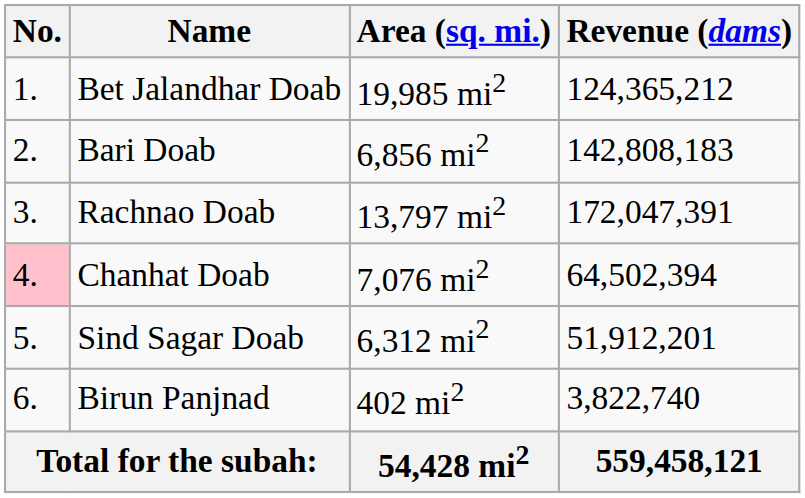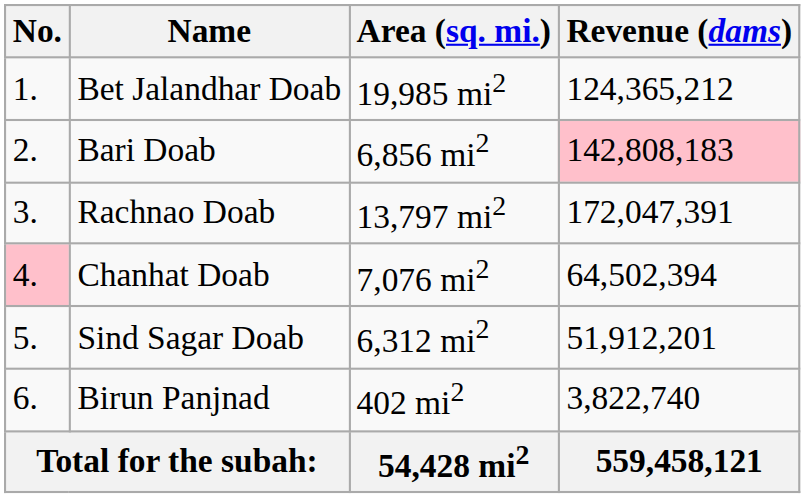 <table class="wikitable">
 <tr>
 <th>No.</th>
 <th>Name</th>
 <th>Area (<a href='#'>sq. mi.</a>)</th>
 <th>Revenue (<em><a href='#'>dams</a></em>)</th>
 </tr>
 <tr>
 <td>1.</td>
 <td>Bet Jalandhar Doab</td>
 <td>19,985 mi<sup>2</sup></td>
 <td>124,365,212</td>
 </tr>
 <tr>
 <td>2.</td>
 <td>Bari Doab</td>
 <td>6,856 mi<sup>2</sup></td>
-<td>142,808,183</td>
+<td style="background: pink;">142,808,183</td>
 </tr>
 <tr>
 <td>3.</td>
 <td>Rachnao Doab</td>
 <td>13,797 mi<sup>2</sup></td>
 <td>172,047,391</td>
 </tr>
 <tr>
 <td style="background: pink;">4.</td>
 <td>Chanhat Doab</td>
 <td>7,076 mi<sup>2</sup></td>
 <td>64,502,394</td>
 </tr>
 <tr>
 <td>5.</td>
 <td>Sind Sagar Doab</td>
 <td>6,312 mi<sup>2</sup></td>
 <td>51,912,201</td>
 </tr>
 <tr>
 <td>6.</td>
 <td>Birun Panjnad</td>
 <td>402 mi<sup>2</sup></td>
 <td>3,822,740</td>
 </tr>
 <tr>
 <th colspan="2">Total for the subah:</th>
 <th>54,428 mi<sup>2</sup></th>
 <th>559,458,121</th>
 </tr>
 </table>
